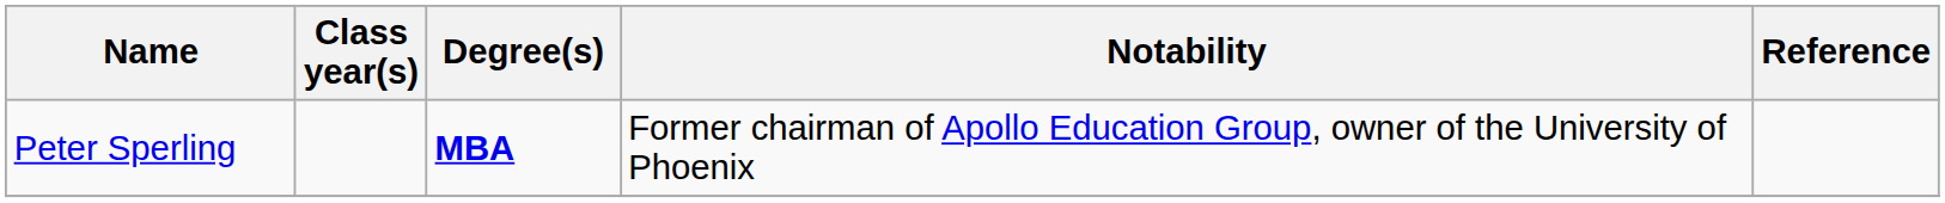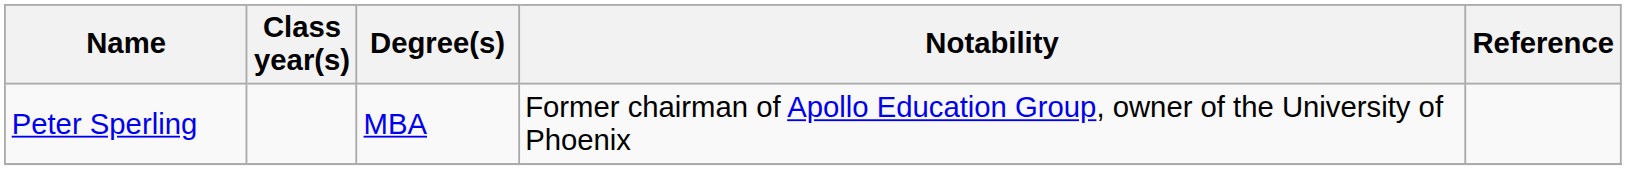 <table class="wikitable sortable" style="width:100%">
 <tr>
 <th width="15%">Name</th>
 <th width="5%">Class year(s)</th>
 <th width="10%">Degree(s)</th>
 <th width="*" class="unsortable">Notability</th>
 <th width="5%" class="unsortable">Reference</th>
 </tr>
 <tr>
 <td><a href='#'>Peter Sperling</a></td>
 <td align="center"></td>
-<td><strong><a href='#'>MBA</a></strong></td>
+<td><a href='#'>MBA</a></td>
 <td>Former chairman of <a href='#'>Apollo Education Group</a>, owner of the University of Phoenix</td>
 <td align="center"></td>
 </tr>
 <tr>
 </tr>
 </table>
